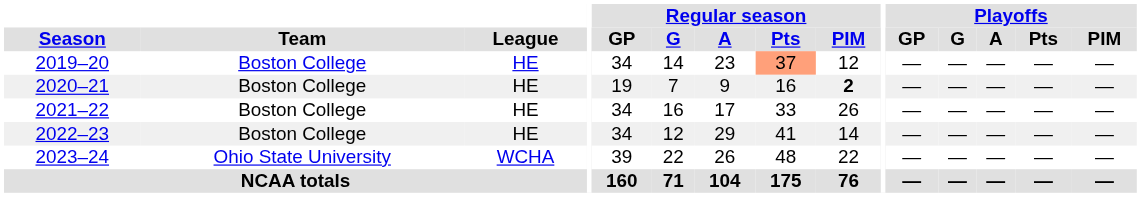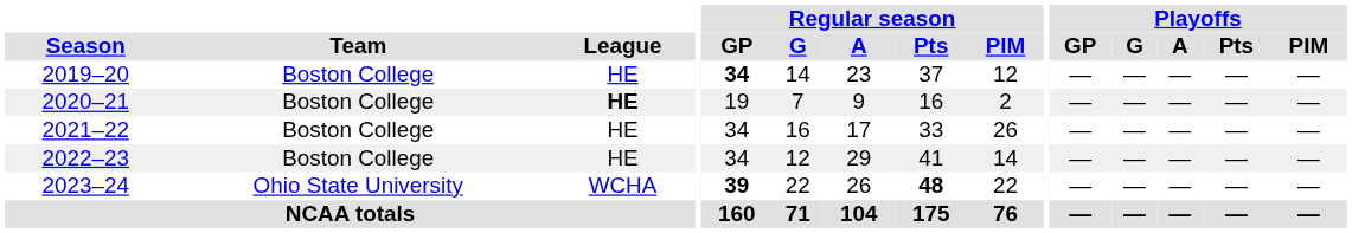 <table border="0" cellpadding="1" cellspacing="0" style="text-align:center; width:60em">
 <tr bgcolor="#e0e0e0">
 <th colspan="3" bgcolor="#ffffff"></th>
 <th rowspan="97" bgcolor="#ffffff"></th>
 <th colspan="5"><a href='#'>Regular season</a></th>
 <th rowspan="97" bgcolor="#ffffff"></th>
 <th colspan="5"><a href='#'>Playoffs</a></th>
 </tr>
 <tr bgcolor="#e0e0e0">
 <th><a href='#'>Season</a></th>
 <th>Team</th>
 <th>League</th>
 <th>GP</th>
 <th><a href='#'>G</a></th>
 <th><a href='#'>A</a></th>
 <th><a href='#'>Pts</a></th>
 <th><a href='#'>PIM</a></th>
 <th>GP</th>
 <th>G</th>
 <th>A</th>
 <th>Pts</th>
 <th>PIM</th>
 </tr>
 <tr>
 <td><a href='#'>2019–20</a></td>
 <td><a href='#'>Boston College</a></td>
 <td><a href='#'>HE</a></td>
-<td>34</td>
+<td><strong>34</strong></td>
 <td>14</td>
 <td>23</td>
-<td style="background: lightsalmon;">37</td>
+<td>37</td>
 <td>12</td>
 <td>—</td>
 <td>—</td>
 <td>—</td>
 <td>—</td>
 <td>—</td>
 </tr>
 <tr bgcolor="#f0f0f0">
 <td><a href='#'>2020–21</a></td>
 <td>Boston College</td>
-<td>HE</td>
+<td><strong>HE</strong></td>
 <td>19</td>
 <td>7</td>
 <td>9</td>
 <td>16</td>
-<td><strong>2</strong></td>
+<td>2</td>
 <td>—</td>
 <td>—</td>
 <td>—</td>
 <td>—</td>
 <td>—</td>
 </tr>
 <tr>
 <td><a href='#'>2021–22</a></td>
 <td>Boston College</td>
 <td>HE</td>
 <td>34</td>
 <td>16</td>
 <td>17</td>
 <td>33</td>
 <td>26</td>
 <td>—</td>
 <td>—</td>
 <td>—</td>
 <td>—</td>
 <td>—</td>
 </tr>
 <tr bgcolor="#f0f0f0">
 <td><a href='#'>2022–23</a></td>
 <td>Boston College</td>
 <td>HE</td>
 <td>34</td>
 <td>12</td>
 <td>29</td>
 <td>41</td>
 <td>14</td>
 <td>—</td>
 <td>—</td>
 <td>—</td>
 <td>—</td>
 <td>—</td>
 </tr>
 <tr>
 <td><a href='#'>2023–24</a></td>
 <td><a href='#'>Ohio State University</a></td>
 <td><a href='#'>WCHA</a></td>
-<td>39</td>
+<td><strong>39</strong></td>
 <td>22</td>
 <td>26</td>
-<td>48</td>
+<td><strong>48</strong></td>
 <td>22</td>
 <td>—</td>
 <td>—</td>
 <td>—</td>
 <td>—</td>
 <td>—</td>
 </tr>
 <tr bgcolor="#e0e0e0">
 <th colspan="3">NCAA totals</th>
 <th>160</th>
 <th>71</th>
 <th>104</th>
 <th>175</th>
 <th>76</th>
 <th>—</th>
 <th>—</th>
 <th>—</th>
 <th>—</th>
 <th>—</th>
 </tr>
 </table>
